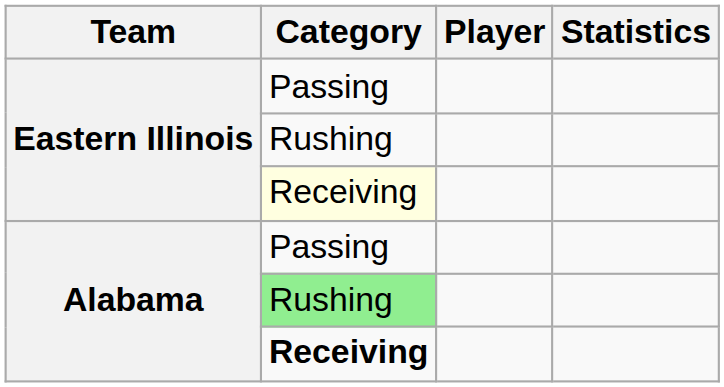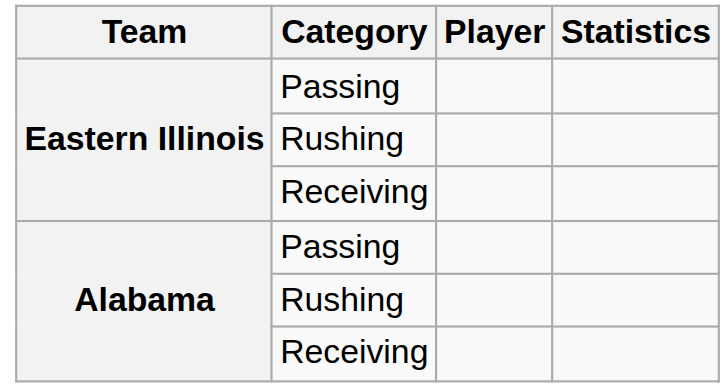 <table class="wikitable" style="float:right">
 <tr>
 <th>Team</th>
 <th>Category</th>
 <th>Player</th>
 <th>Statistics</th>
 </tr>
 <tr>
 <th rowspan=3>Eastern Illinois</th>
 <td>Passing</td>
 <td></td>
 <td></td>
 </tr>
 <tr>
 <td>Rushing</td>
 <td></td>
 <td></td>
 </tr>
 <tr>
-<td style="background: lightyellow;">Receiving</td>
+<td>Receiving</td>
 <td></td>
 <td></td>
 </tr>
 <tr>
 <th rowspan=3>Alabama</th>
 <td>Passing</td>
 <td></td>
 <td></td>
 </tr>
 <tr>
-<td style="background: lightgreen;">Rushing</td>
+<td>Rushing</td>
 <td></td>
 <td></td>
 </tr>
 <tr>
-<td><strong>Receiving</strong></td>
+<td>Receiving</td>
 <td></td>
 <td></td>
 </tr>
 </table>
